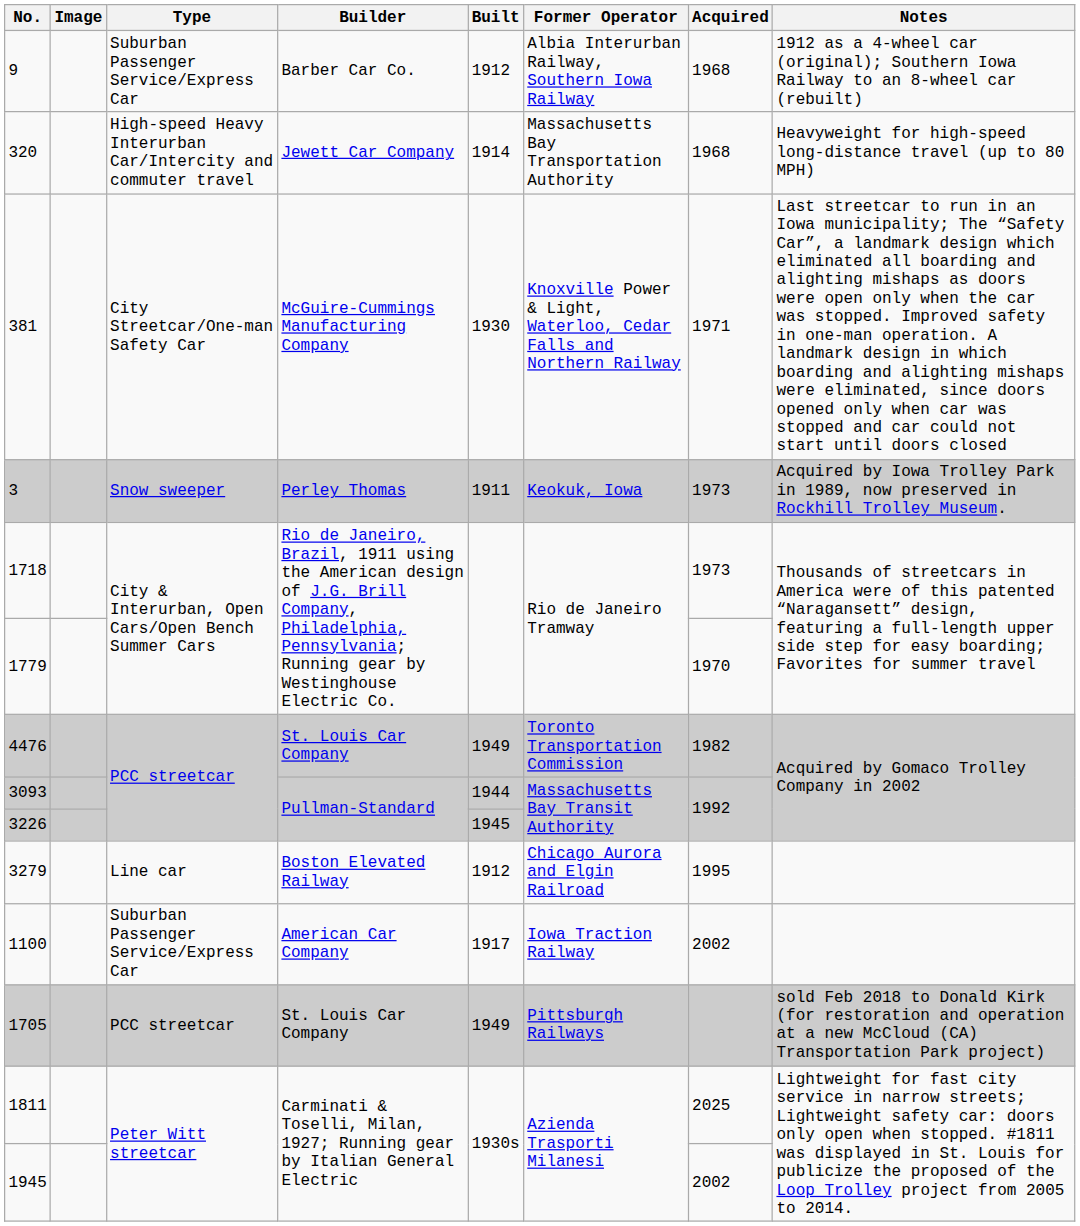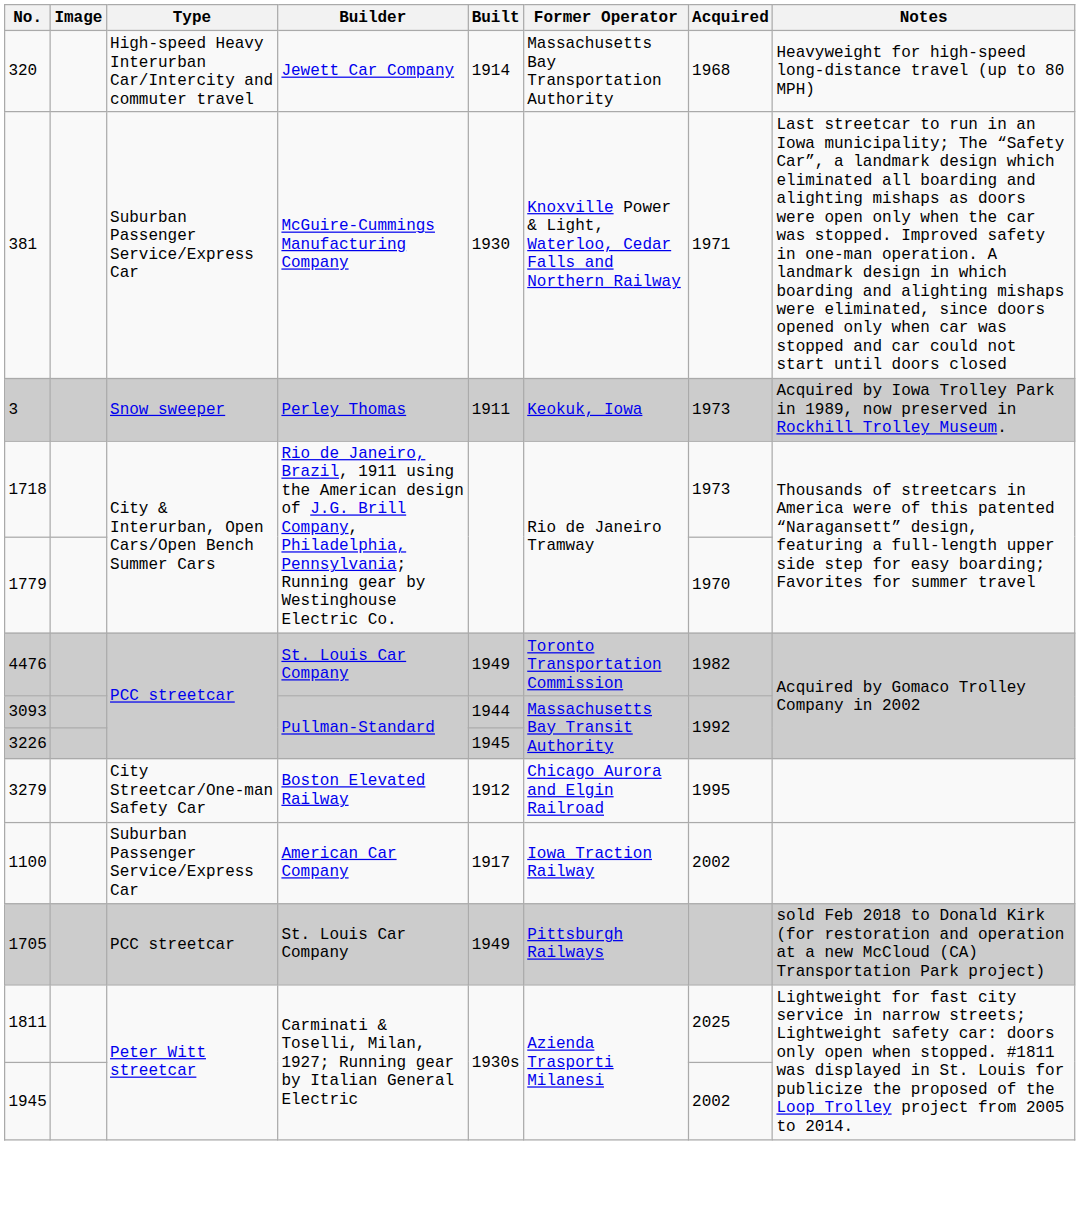 <table class="wikitable">
 <tr>
 <th>No.</th>
 <th>Image</th>
 <th>Type</th>
 <th>Builder</th>
 <th>Built</th>
 <th>Former Operator</th>
 <th>Acquired</th>
 <th>Notes</th>
-</tr>
-<tr>
-<td>9</td>
-<td></td>
-<td>Suburban Passenger Service/Express Car</td>
-<td>Barber Car Co.</td>
-<td>1912</td>
-<td>Albia Interurban Railway, <a href='#'>Southern Iowa Railway</a></td>
-<td>1968</td>
-<td>1912 as a 4-wheel car (original); Southern Iowa Railway to an 8-wheel car (rebuilt)</td>
 </tr>
 <tr>
 <td>320</td>
 <td></td>
 <td>High-speed Heavy Interurban Car/Intercity and commuter travel</td>
 <td><a href='#'>Jewett Car Company</a></td>
 <td>1914</td>
 <td>Massachusetts Bay Transportation Authority</td>
 <td>1968</td>
 <td>Heavyweight for high-speed long-distance travel (up to 80 MPH)</td>
 </tr>
 <tr>
 <td>381</td>
 <td></td>
-<td>City Streetcar/One-man Safety Car</td>
+<td>Suburban Passenger Service/Express Car</td>
 <td><a href='#'>McGuire-Cummings Manufacturing Company</a></td>
 <td>1930</td>
 <td><a href='#'>Knoxville</a> Power & Light, <a href='#'>Waterloo, Cedar Falls and Northern Railway</a></td>
 <td>1971</td>
 <td>Last streetcar to run in an Iowa municipality; The “Safety Car”, a landmark design which eliminated all boarding and alighting mishaps as doors were open only when the car was stopped. Improved safety in one-man operation. A landmark design in which boarding and alighting mishaps were eliminated, since doors opened only when car was stopped and car could not start until doors closed</td>
 </tr>
 <tr style="background-color:#CCC;">
 <td>3</td>
 <td></td>
 <td><a href='#'>Snow sweeper</a></td>
 <td><a href='#'>Perley Thomas</a></td>
 <td>1911</td>
 <td><a href='#'>Keokuk, Iowa</a></td>
 <td>1973</td>
 <td>Acquired by Iowa Trolley Park in 1989, now preserved in <a href='#'>Rockhill Trolley Museum</a>.</td>
 </tr>
 <tr>
 <td>1718</td>
 <td></td>
 <td rowspan="2">City & Interurban, Open Cars/Open Bench Summer Cars</td>
 <td rowspan="2"><a href='#'>Rio de Janeiro, Brazil</a>, 1911 using the American design of <a href='#'>J.G. Brill Company</a>, <a href='#'>Philadelphia, Pennsylvania</a>; Running gear by Westinghouse Electric Co.</td>
 <td rowspan="2"></td>
 <td rowspan="2">Rio de Janeiro Tramway</td>
 <td>1973</td>
 <td rowspan="2">Thousands of streetcars in America were of this patented “Naragansett” design, featuring a full-length upper side step for easy boarding; Favorites for summer travel</td>
 </tr>
 <tr>
 <td>1779</td>
 <td></td>
 <td>1970</td>
 </tr>
 <tr style="background-color:#CCC;">
 <td>4476</td>
 <td></td>
 <td rowspan="3"><a href='#'>PCC streetcar</a></td>
 <td><a href='#'>St. Louis Car Company</a></td>
 <td>1949</td>
 <td><a href='#'>Toronto Transportation Commission</a></td>
 <td>1982</td>
 <td rowspan="3">Acquired by Gomaco Trolley Company in 2002</td>
 </tr>
 <tr style="background-color:#CCC;">
 <td>3093</td>
 <td></td>
 <td rowspan="2"><a href='#'>Pullman-Standard</a></td>
 <td>1944</td>
 <td rowspan="2"><a href='#'>Massachusetts Bay Transit Authority</a></td>
 <td rowspan="2">1992</td>
 </tr>
 <tr style="background-color:#CCC;">
 <td>3226</td>
 <td></td>
 <td>1945</td>
 </tr>
 <tr>
 <td>3279</td>
 <td></td>
-<td>Line car</td>
+<td>City Streetcar/One-man Safety Car</td>
 <td><a href='#'>Boston Elevated Railway</a></td>
 <td>1912</td>
 <td><a href='#'>Chicago Aurora and Elgin Railroad</a></td>
 <td>1995</td>
 <td></td>
 </tr>
 <tr>
 <td>1100</td>
 <td></td>
 <td>Suburban Passenger Service/Express Car</td>
 <td><a href='#'>American Car Company</a></td>
 <td>1917</td>
 <td><a href='#'>Iowa Traction Railway</a></td>
 <td>2002</td>
 <td></td>
 </tr>
 <tr style="background-color:#CCC;">
 <td>1705</td>
 <td></td>
 <td>PCC streetcar</td>
 <td>St. Louis Car Company</td>
 <td>1949</td>
 <td><a href='#'>Pittsburgh Railways</a></td>
 <td></td>
 <td>sold Feb 2018 to Donald Kirk (for restoration and operation at a new McCloud (CA) Transportation Park project)</td>
 </tr>
 <tr>
 <td>1811</td>
 <td></td>
 <td rowspan="2"><a href='#'>Peter Witt streetcar</a></td>
 <td rowspan="2">Carminati & Toselli, Milan, 1927; Running gear by Italian General Electric</td>
 <td rowspan="2">1930s</td>
 <td rowspan="2"><a href='#'>Azienda Trasporti Milanesi</a></td>
 <td>2025</td>
 <td rowspan="2">Lightweight for fast city service in narrow streets; Lightweight safety car: doors only open when stopped. #1811 was displayed in St. Louis for publicize the proposed of the <a href='#'>Loop Trolley</a> project from 2005 to 2014.</td>
 </tr>
 <tr>
 <td>1945</td>
 <td></td>
 <td>2002</td>
 </tr>
 </table>
